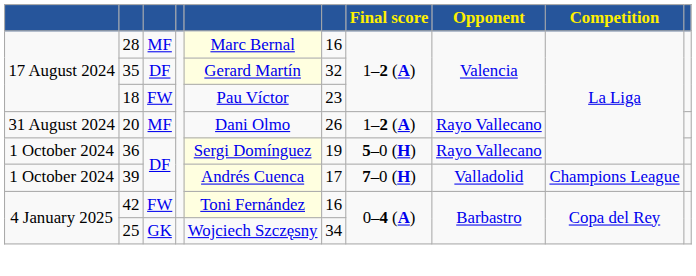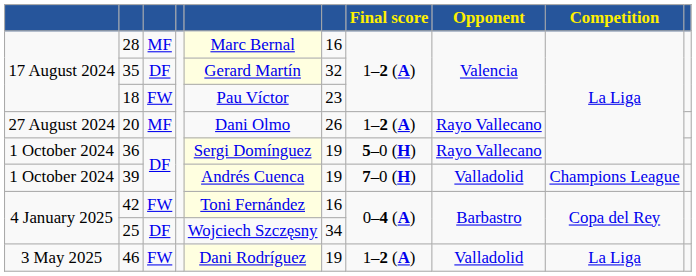 <table class="wikitable" style="text-align:center">
 <tr>
 <th style="background:#26559B;color:#FFF000;"></th>
 <th style="background:#26559B;color:#FFF000;"></th>
 <th style="background:#26559B;color:#FFF000;"></th>
 <th style="background:#26559B;color:#FFF000;"></th>
 <th style="background:#26559B;color:#FFF000;"></th>
 <th style="background:#26559B;color:#FFF000;"></th>
 <th style="background:#26559B;color:#FFF000;">Final score</th>
 <th style="background:#26559B;color:#FFF000;">Opponent</th>
 <th style="background:#26559B;color:#FFF000;">Competition</th>
 <th style="background:#26559B;color:#FFF000;"></th>
 </tr>
 <tr>
 <td rowspan=3>17 August 2024</td>
 <td>28</td>
 <td><a href='#'>MF</a></td>
 <td rowspan=7></td>
 <td style="background-color:lightyellow"><a href='#'>Marc Bernal</a></td>
 <td>16</td>
 <td rowspan=3>1–<strong>2</strong> (<a href='#'><strong>A</strong></a>)</td>
 <td rowspan=3><a href='#'>Valencia</a></td>
 <td rowspan=5><a href='#'>La Liga</a></td>
 <td rowspan=3></td>
 </tr>
 <tr>
 <td>35</td>
 <td><a href='#'>DF</a></td>
 <td style="background-color:lightyellow"><a href='#'>Gerard Martín</a></td>
 <td>32</td>
 </tr>
 <tr>
 <td>18</td>
 <td><a href='#'>FW</a></td>
 <td><a href='#'>Pau Víctor</a></td>
 <td>23</td>
 </tr>
 <tr>
-<td>31 August 2024</td>
+<td>27 August 2024</td>
 <td>20</td>
 <td><a href='#'>MF</a></td>
 <td><a href='#'>Dani Olmo</a></td>
 <td>26</td>
 <td>1–<strong>2</strong> (<a href='#'><strong>A</strong></a>)</td>
 <td><a href='#'>Rayo Vallecano</a></td>
 <td></td>
 </tr>
 <tr>
 <td>1 October 2024</td>
 <td>36</td>
 <td rowspan=2><a href='#'>DF</a></td>
 <td style="background-color:lightyellow"><a href='#'>Sergi Domínguez</a></td>
 <td>19</td>
 <td><strong>5</strong>–0 (<a href='#'><strong>H</strong></a>)</td>
 <td><a href='#'>Rayo Vallecano</a></td>
 <td></td>
 </tr>
 <tr>
 <td>1 October 2024</td>
 <td>39</td>
 <td style="background-color:lightyellow"><a href='#'>Andrés Cuenca</a></td>
-<td>17</td>
+<td>19</td>
 <td><strong>7</strong>–0 (<a href='#'><strong>H</strong></a>)</td>
 <td><a href='#'>Valladolid</a></td>
 <td><a href='#'>Champions League</a></td>
 <td></td>
 </tr>
 <tr>
 <td rowspan=2>4 January 2025</td>
 <td>42</td>
 <td><a href='#'>FW</a></td>
 <td style="background-color:lightyellow"><a href='#'>Toni Fernández</a></td>
 <td>16</td>
 <td rowspan=2>0–<strong>4</strong> (<a href='#'><strong>A</strong></a>)</td>
 <td rowspan=2><a href='#'>Barbastro</a></td>
 <td rowspan=2><a href='#'>Copa del Rey</a></td>
 <td rowspan=2></td>
 </tr>
 <tr>
 <td>25</td>
-<td><a href='#'>GK</a></td>
+<td><a href='#'>DF</a></td>
 <td></td>
 <td><a href='#'>Wojciech Szczęsny</a></td>
 <td>34</td>
 </tr>
+<tr>
+<td>3 May 2025</td>
+<td>46</td>
+<td><a href='#'>FW</a></td>
+<td></td>
+<td style="background-color:lightyellow"><a href='#'>Dani Rodríguez</a></td>
+<td>19</td>
+<td>1–<strong>2</strong> (<a href='#'><strong>A</strong></a>)</td>
+<td><a href='#'>Valladolid</a></td>
+<td><a href='#'>La Liga</a></td>
+<td></td>
+</tr>
 </table>
